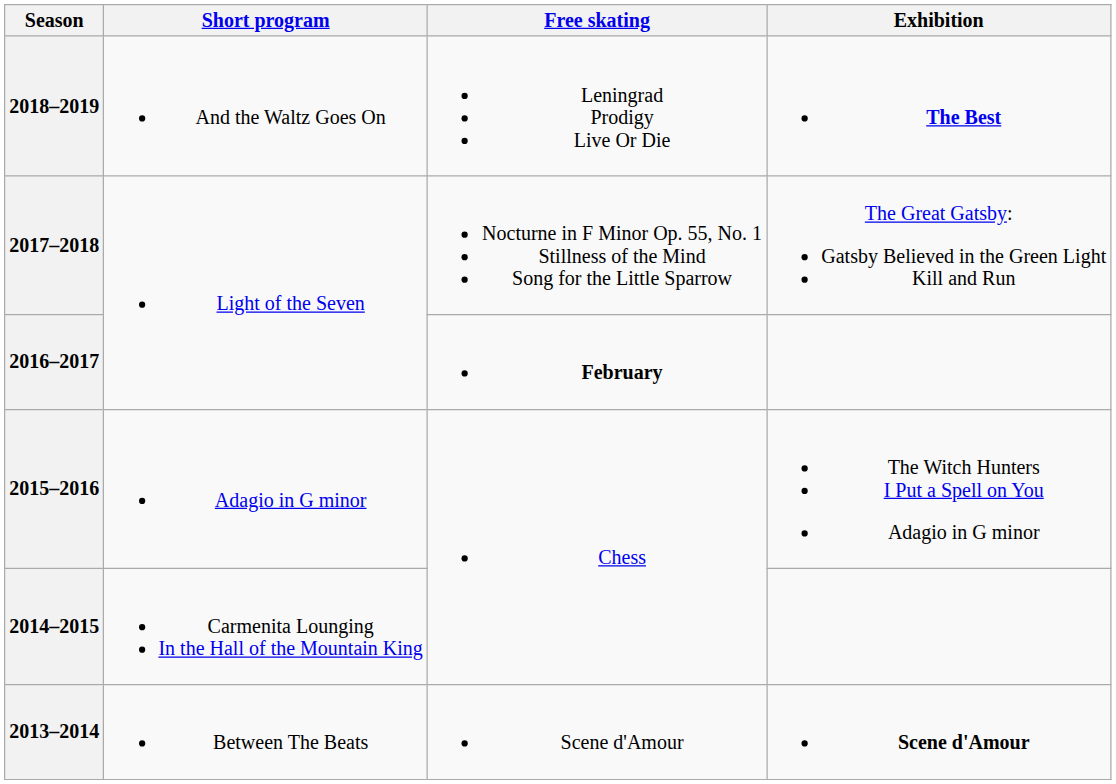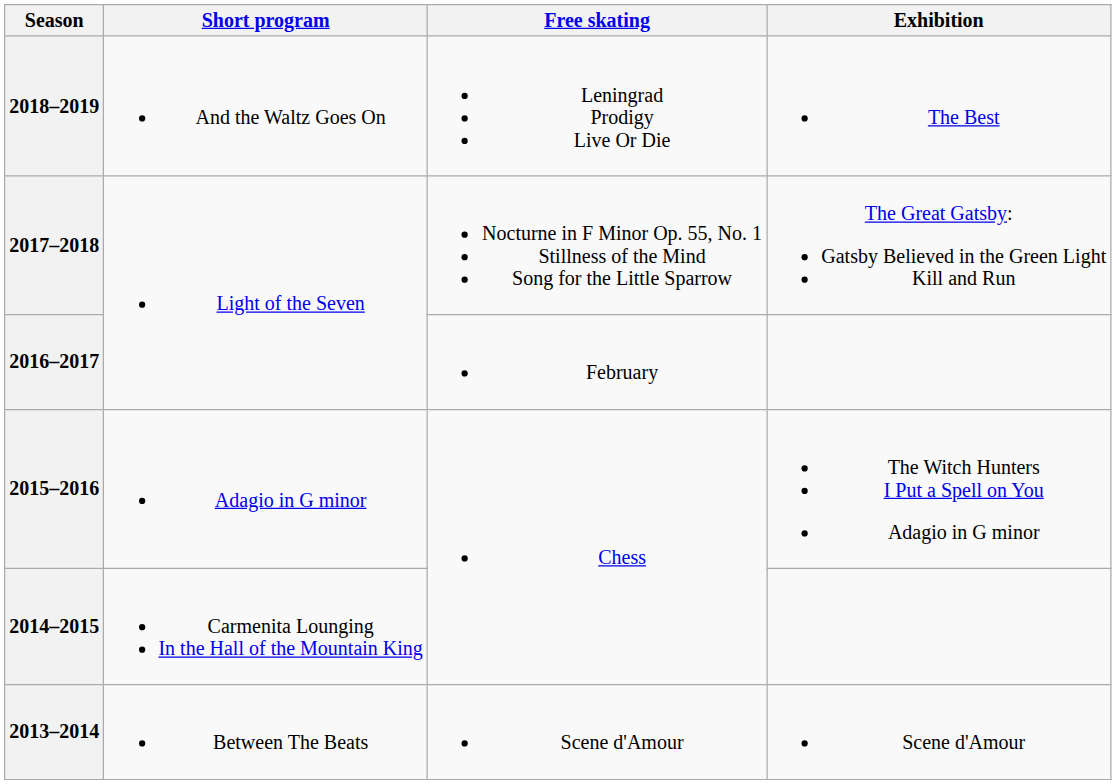 <table class=wikitable style=text-align:center>
 <tr>
 <th>Season</th>
 <th><a href='#'>Short program</a></th>
 <th><a href='#'>Free skating</a></th>
 <th>Exhibition</th>
 </tr>
 <tr>
 <th>2018–2019 <br></th>
 <td><br><ul><li>And the Waltz Goes On <br> </li></ul></td>
 <td><br><ul><li>Leningrad <br> </li><li>Prodigy <br> </li><li>Live Or Die <br> </li></ul></td>
-<td><strong><br><ul><li><a href='#'>The Best</a> <br> </li></ul></strong></td>
+<td><br><ul><li><a href='#'>The Best</a> <br> </li></ul></td>
 </tr>
 <tr>
 <th>2017–2018 <br></th>
 <td rowspan=2><br><ul><li><a href='#'>Light of the Seven</a> <br> </li></ul></td>
 <td><br><ul><li>Nocturne in F Minor Op. 55, No. 1 <br> </li><li>Stillness of the Mind <br> </li><li>Song for the Little Sparrow <br> </li></ul></td>
 <td><br><a href='#'>The Great Gatsby</a>:<ul><li>Gatsby Believed in the Green Light <br> </li><li>Kill and Run <br> </li></ul></td>
 </tr>
 <tr>
 <th>2016–2017 <br></th>
-<td><strong><br><ul><li>February <br></li></ul></strong></td>
+<td><br><ul><li>February <br></li></ul></td>
 <td></td>
 </tr>
 <tr>
 <th>2015–2016 <br></th>
 <td><br><ul><li><a href='#'>Adagio in G minor</a> <br></li></ul></td>
 <td rowspan=2><br><ul><li><a href='#'>Chess</a> <br></li></ul></td>
 <td><br><ul><li>The Witch Hunters <br></li><li><a href='#'>I Put a Spell on You</a> <br></li></ul><ul><li>Adagio in G minor <br></li></ul></td>
 </tr>
 <tr>
 <th>2014–2015</th>
 <td><br><ul><li>Carmenita Lounging  <br></li><li><a href='#'>In the Hall of the Mountain King</a> <br></li></ul></td>
 <td></td>
 </tr>
 <tr>
 <th>2013–2014</th>
 <td><br><ul><li>Between The Beats <br></li></ul></td>
 <td><br><ul><li>Scene d'Amour <br></li></ul></td>
-<td><strong><br><ul><li>Scene d'Amour <br></li></ul></strong></td>
+<td><br><ul><li>Scene d'Amour <br></li></ul></td>
 </tr>
 </table>
